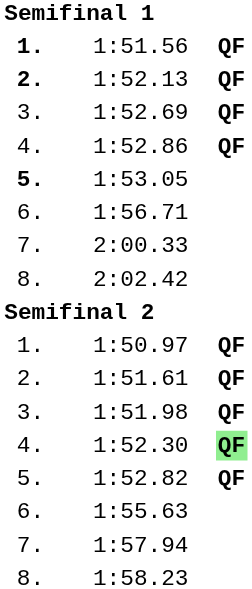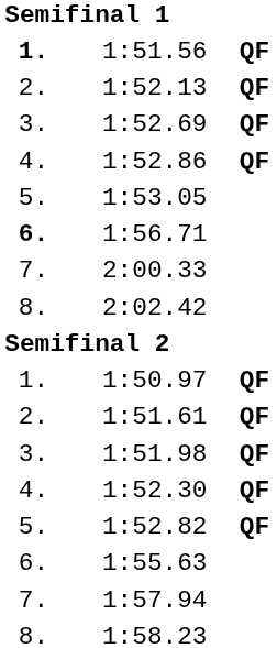 <table style="text-align:center">
 <tr>
 <td colspan=4 align=left><strong>Semifinal 1</strong></td>
 </tr>
 <tr>
 <td width=30><strong>1.</strong></td>
 <td align=left></td>
 <td width=80>1:51.56</td>
 <td><strong>QF</strong></td>
 </tr>
 <tr>
-<td><strong>2.</strong></td>
+<td>2.</td>
 <td align=left></td>
 <td>1:52.13</td>
 <td><strong>QF</strong></td>
 </tr>
 <tr>
 <td>3.</td>
 <td align=left></td>
 <td>1:52.69</td>
 <td><strong>QF</strong></td>
 </tr>
 <tr>
 <td>4.</td>
 <td align=left></td>
 <td>1:52.86</td>
 <td><strong>QF</strong></td>
 </tr>
 <tr>
-<td><strong>5.</strong></td>
+<td>5.</td>
 <td align=left></td>
 <td>1:53.05</td>
 <td></td>
 </tr>
 <tr>
-<td>6.</td>
+<td><strong>6.</strong></td>
 <td align=left></td>
 <td>1:56.71</td>
 <td></td>
 </tr>
 <tr>
 <td>7.</td>
 <td align=left></td>
 <td>2:00.33</td>
 <td></td>
 </tr>
 <tr>
 <td>8.</td>
 <td align=left></td>
 <td>2:02.42</td>
 <td></td>
 </tr>
 <tr>
 <td colspan=4 align=left><strong>Semifinal 2</strong></td>
 </tr>
 <tr>
 <td>1.</td>
 <td align=left></td>
 <td>1:50.97</td>
 <td><strong>QF</strong></td>
 </tr>
 <tr>
 <td>2.</td>
 <td align=left></td>
 <td>1:51.61</td>
 <td><strong>QF</strong></td>
 </tr>
 <tr>
 <td>3.</td>
 <td align=left></td>
 <td>1:51.98</td>
 <td><strong>QF</strong></td>
 </tr>
 <tr>
 <td>4.</td>
 <td align=left></td>
 <td>1:52.30</td>
-<td style="background: lightgreen;"><strong>QF</strong></td>
+<td><strong>QF</strong></td>
 </tr>
 <tr>
 <td>5.</td>
 <td align=left></td>
 <td>1:52.82</td>
 <td><strong>QF</strong></td>
 </tr>
 <tr>
 <td>6.</td>
 <td align=left></td>
 <td>1:55.63</td>
 <td></td>
 </tr>
 <tr>
 <td>7.</td>
 <td align=left></td>
 <td>1:57.94</td>
 <td></td>
 </tr>
 <tr>
 <td>8.</td>
 <td align=left></td>
 <td>1:58.23</td>
 <td></td>
 </tr>
 </table>
